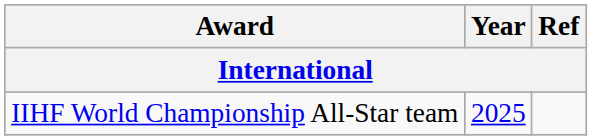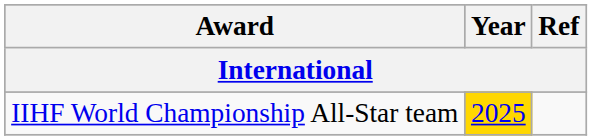 <table class="wikitable">
 <tr>
 <th>Award</th>
 <th>Year</th>
 <th>Ref</th>
 </tr>
 <tr>
 <th colspan="3"><a href='#'>International</a></th>
 </tr>
 <tr>
 <td><a href='#'>IIHF World Championship</a> All-Star team</td>
-<td><a href='#'>2025</a></td>
+<td style="background: gold;"><a href='#'>2025</a></td>
 <td></td>
 </tr>
 </table>
